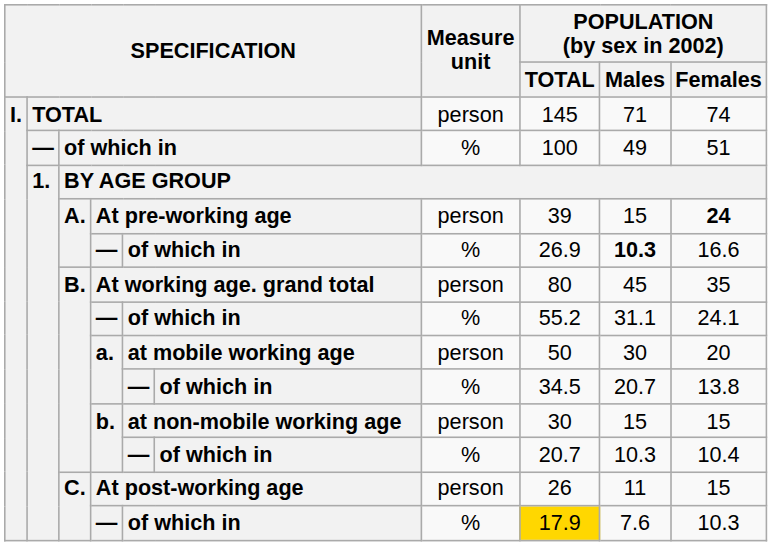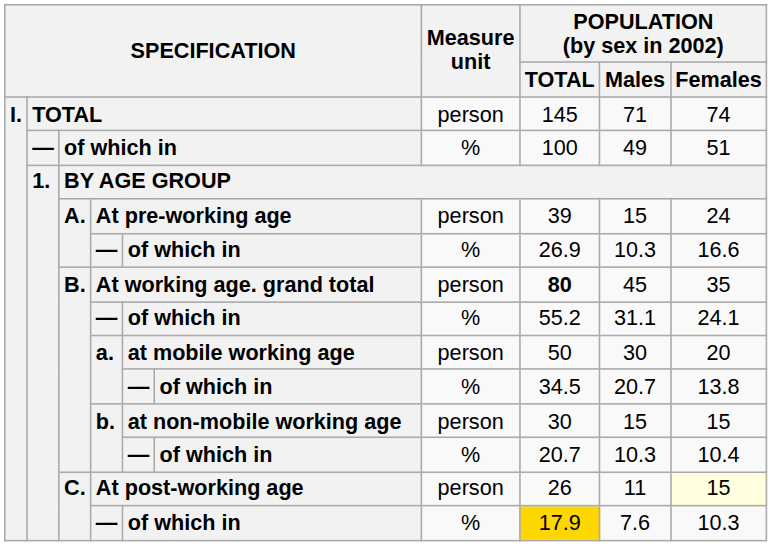 <table class="wikitable" style="font-size:85%; text-align:center">
 <tr>
 <th rowspan="2" colspan="6">SPECIFICATION</th>
 <th rowspan="2">Measure<br> unit</th>
 <th colspan="3" rowspan="1">POPULATION<br> (by sex in 2002)</th>
 </tr>
 <tr>
 <th>TOTAL</th>
 <th>Males</th>
 <th>Females</th>
 </tr>
 <tr>
 <th style="text-align:left" valign="top" rowspan="13">I.</th>
 <th style="text-align:left" colspan="5">TOTAL</th>
 <td>person</td>
 <td>145</td>
 <td>71</td>
 <td>74</td>
 </tr>
 <tr>
 <th style="text-align:left" valign="top">—</th>
 <th style="text-align:left" colspan="4">of which in</th>
 <td>%</td>
 <td>100</td>
 <td>49</td>
 <td>51</td>
 </tr>
 <tr>
 <th style="text-align:left" valign="top" rowspan="11">1.</th>
 <th style="text-align:left" colspan="19">BY AGE GROUP</th>
 </tr>
 <tr>
 <th style="text-align:left" valign="top" rowspan="2">A.</th>
 <th style="text-align:left" colspan="3">At pre-working age</th>
 <td>person</td>
 <td>39</td>
 <td>15</td>
-<td><strong>24</strong></td>
+<td>24</td>
 </tr>
 <tr>
 <th style="text-align:left" valign="top">—</th>
 <th style="text-align:left" valign="top" colspan="2">of which in</th>
 <td>%</td>
 <td>26.9</td>
-<td><strong>10.3</strong></td>
+<td>10.3</td>
 <td>16.6</td>
 </tr>
 <tr>
 <th style="text-align:left" valign="top" rowspan="6">B.</th>
 <th style="text-align:left" colspan="3">At working age. grand total</th>
 <td>person</td>
-<td>80</td>
+<td><strong>80</strong></td>
 <td>45</td>
 <td>35</td>
 </tr>
 <tr>
 <th style="text-align:left" valign="top">—</th>
 <th style="text-align:left" valign="top" colspan="2">of which in</th>
 <td>%</td>
 <td>55.2</td>
 <td>31.1</td>
 <td>24.1</td>
 </tr>
 <tr>
 <th style="text-align:left" valign="top" rowspan="2">a.</th>
 <th style="text-align:left" colspan="2">at mobile working age</th>
 <td>person</td>
 <td>50</td>
 <td>30</td>
 <td>20</td>
 </tr>
 <tr>
 <th style="text-align:left" valign="top">—</th>
 <th style="text-align:left" valign="top" colspan="1">of which in                        </th>
 <td>%</td>
 <td>34.5</td>
 <td>20.7</td>
 <td>13.8</td>
 </tr>
 <tr>
 <th style="text-align:left" valign="top" rowspan="2">b.</th>
 <th style="text-align:left" colspan="2">at non-mobile working age</th>
 <td>person</td>
 <td>30</td>
 <td>15</td>
 <td>15</td>
 </tr>
 <tr>
 <th style="text-align:left" valign="top">—</th>
 <th style="text-align:left" valign="top" colspan="1">of which in                        </th>
 <td>%</td>
 <td>20.7</td>
 <td>10.3</td>
 <td>10.4</td>
 </tr>
 <tr>
 <th style="text-align:left" valign="top" rowspan="2">C.</th>
 <th style="text-align:left" colspan="3">At post-working age</th>
 <td>person</td>
 <td>26</td>
 <td>11</td>
-<td>15</td>
+<td style="background: lightyellow;">15</td>
 </tr>
 <tr>
 <th style="text-align:left" valign="top">—</th>
 <th style="text-align:left" valign="top" colspan="2">of which in</th>
 <td>%</td>
 <td style="background: gold;">17.9</td>
 <td>7.6</td>
 <td>10.3</td>
 </tr>
 </table>
